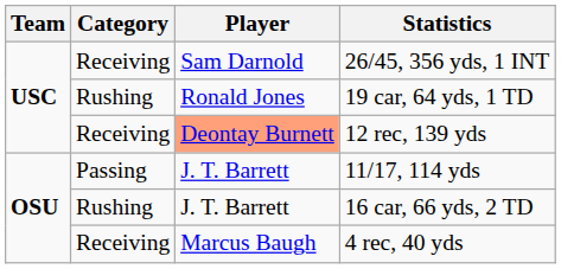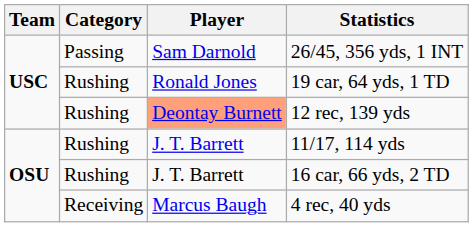 <table class="wikitable">
 <tr>
 <th>Team</th>
 <th>Category</th>
 <th>Player</th>
 <th>Statistics</th>
 </tr>
 <tr>
 <td rowspan=3><strong>USC</strong></td>
-<td>Receiving</td>
+<td>Passing</td>
 <td><a href='#'>Sam Darnold</a></td>
 <td>26/45, 356 yds, 1 INT</td>
 </tr>
 <tr>
 <td>Rushing</td>
 <td><a href='#'>Ronald Jones</a></td>
 <td>19 car, 64 yds, 1 TD</td>
 </tr>
 <tr>
-<td>Receiving</td>
+<td>Rushing</td>
 <td style="background: lightsalmon;"><a href='#'>Deontay Burnett</a></td>
 <td>12 rec, 139 yds</td>
 </tr>
 <tr>
 <td rowspan=3><strong>OSU</strong></td>
-<td>Passing</td>
+<td>Rushing</td>
 <td><a href='#'>J. T. Barrett</a></td>
 <td>11/17, 114 yds</td>
 </tr>
 <tr>
 <td>Rushing</td>
 <td>J. T. Barrett</td>
 <td>16 car, 66 yds, 2 TD</td>
 </tr>
 <tr>
 <td>Receiving</td>
 <td><a href='#'>Marcus Baugh</a></td>
 <td>4 rec, 40 yds</td>
 </tr>
 </table>
